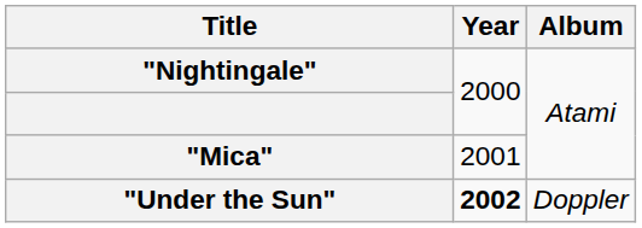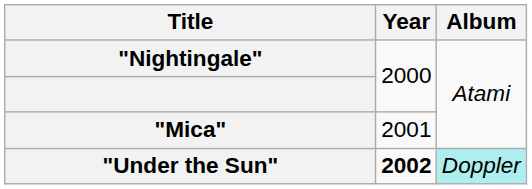 <table class="wikitable plainrowheaders" style="text-align:center;">
 <tr>
 <th scope="col" rowspan="1" style="width:16em;">Title</th>
 <th scope="col" rowspan="1">Year</th>
 <th scope="col" rowspan="1">Album</th>
 </tr>
 <tr>
 <th scope="row">"Nightingale"<br></th>
 <td rowspan="2">2000</td>
 <td rowspan="3"><em>Atami</em></td>
 </tr>
 <tr>
 <th scope="row"><br></th>
 </tr>
 <tr>
 <th scope="row">"Mica"<br></th>
 <td>2001</td>
 </tr>
 <tr>
 <th scope="row">"Under the Sun"<br></th>
 <td><strong>2002</strong></td>
-<td><em>Doppler</em></td>
+<td style="background: paleturquoise;"><em>Doppler</em></td>
 </tr>
 </table>
